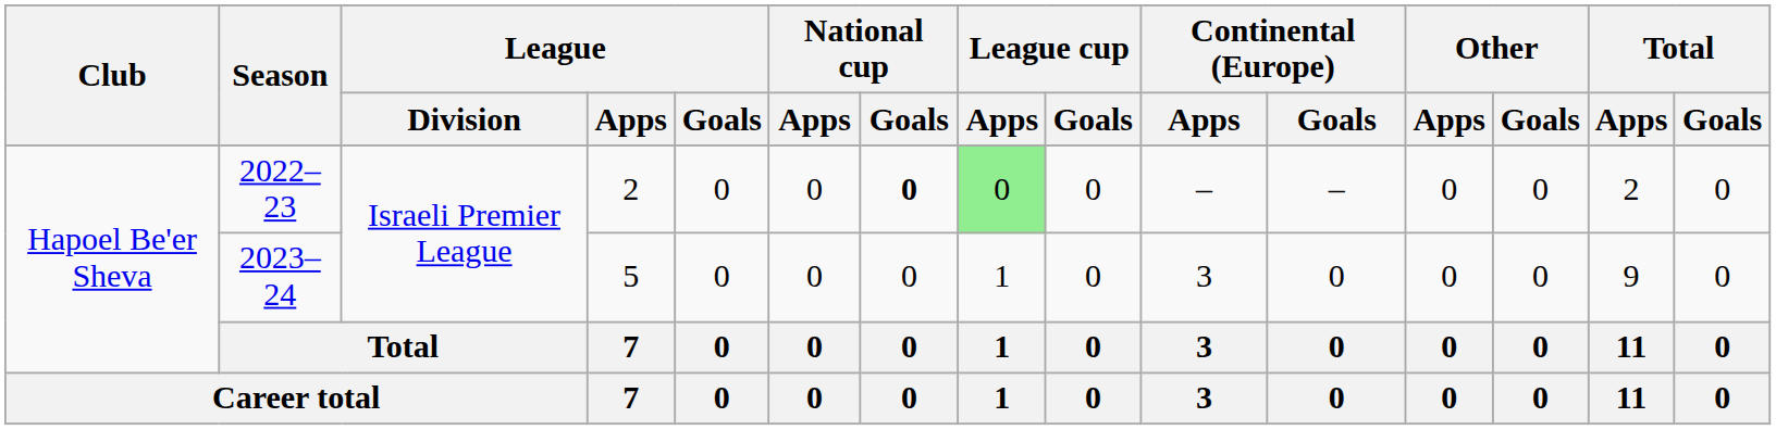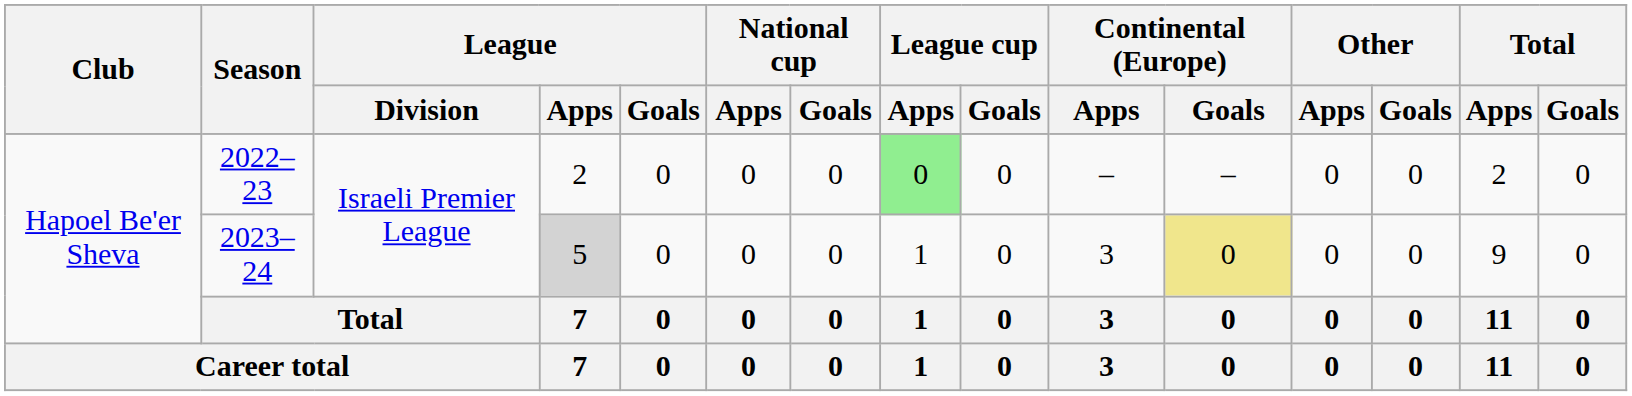 <table class="wikitable" style="text-align:center">
 <tr>
 <th rowspan="2">Club</th>
 <th rowspan="2">Season</th>
 <th colspan="3">League</th>
 <th colspan="2">National cup</th>
 <th colspan="2">League cup</th>
 <th colspan="2">Continental (Europe)</th>
 <th colspan="2">Other</th>
 <th colspan="2">Total</th>
 </tr>
 <tr>
 <th>Division</th>
 <th>Apps</th>
 <th>Goals</th>
 <th>Apps</th>
 <th>Goals</th>
 <th>Apps</th>
 <th>Goals</th>
 <th>Apps</th>
 <th>Goals</th>
 <th>Apps</th>
 <th>Goals</th>
 <th>Apps</th>
 <th>Goals</th>
 </tr>
 <tr>
 <td rowspan="3"><a href='#'>Hapoel Be'er Sheva</a></td>
 <td><a href='#'>2022–23</a></td>
 <td rowspan="2"><a href='#'>Israeli Premier League</a></td>
 <td>2</td>
 <td>0</td>
 <td>0</td>
-<td><strong>0</strong></td>
+<td>0</td>
 <td style="background: lightgreen;">0</td>
 <td>0</td>
 <td>–</td>
 <td>–</td>
 <td>0</td>
 <td>0</td>
 <td>2</td>
 <td>0</td>
 </tr>
 <tr>
 <td><a href='#'>2023–24</a></td>
-<td>5</td>
+<td style="background: lightgrey;">5</td>
 <td>0</td>
 <td>0</td>
 <td>0</td>
 <td>1</td>
 <td>0</td>
 <td>3</td>
-<td>0</td>
+<td style="background: khaki;">0</td>
 <td>0</td>
 <td>0</td>
 <td>9</td>
 <td>0</td>
 </tr>
 <tr>
 <th colspan="2">Total</th>
 <th>7</th>
 <th>0</th>
 <th>0</th>
 <th>0</th>
 <th>1</th>
 <th>0</th>
 <th>3</th>
 <th>0</th>
 <th>0</th>
 <th>0</th>
 <th>11</th>
 <th>0</th>
 </tr>
 <tr>
 <th colspan="3">Career total</th>
 <th>7</th>
 <th>0</th>
 <th>0</th>
 <th>0</th>
 <th>1</th>
 <th>0</th>
 <th>3</th>
 <th>0</th>
 <th>0</th>
 <th>0</th>
 <th>11</th>
 <th>0</th>
 </tr>
 </table>
